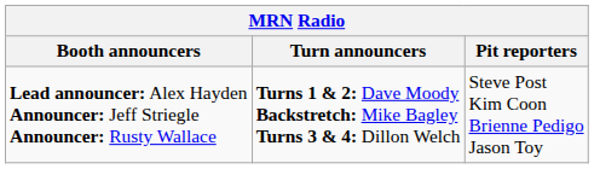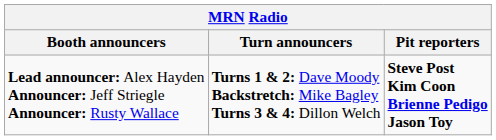 <table class="wikitable" style="font-size: 95%">
 <tr>
 <th colspan="3"><a href='#'>MRN</a> <a href='#'>Radio</a></th>
 </tr>
 <tr>
 <th>Booth announcers</th>
 <th>Turn announcers</th>
 <th>Pit reporters</th>
 </tr>
 <tr>
 <td><strong>Lead announcer:</strong> Alex Hayden<br><strong>Announcer:</strong> Jeff Striegle<br><strong>Announcer:</strong> <a href='#'>Rusty Wallace</a></td>
 <td><strong>Turns 1 & 2:</strong> <a href='#'>Dave Moody</a><br><strong>Backstretch:</strong> <a href='#'>Mike Bagley</a><br><strong>Turns 3 & 4:</strong> Dillon Welch</td>
-<td>Steve Post<br>Kim Coon<br><a href='#'>Brienne Pedigo</a><br>Jason Toy</td>
+<td><strong>Steve Post<br>Kim Coon<br><a href='#'>Brienne Pedigo</a><br>Jason Toy</strong></td>
 </tr>
 </table>
